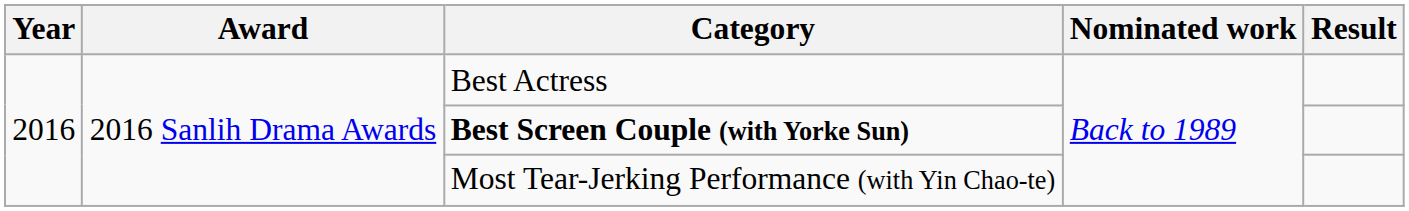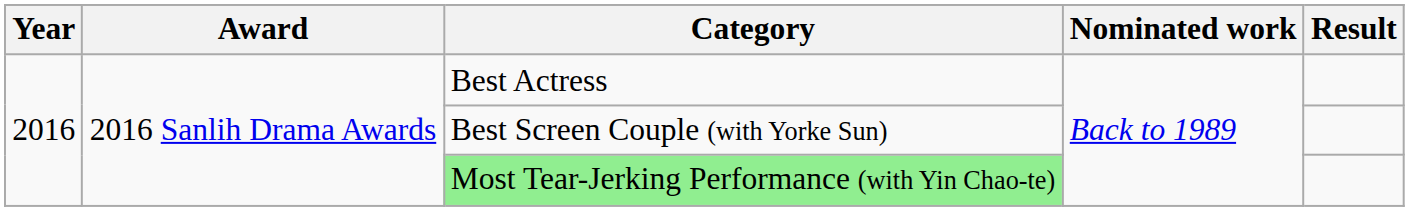 <table class="wikitable sortable">
 <tr>
 <th>Year</th>
 <th>Award</th>
 <th>Category</th>
 <th>Nominated work</th>
 <th>Result</th>
 </tr>
 <tr>
 <td rowspan=3>2016</td>
 <td rowspan=3>2016 <a href='#'>Sanlih Drama Awards</a></td>
 <td>Best Actress</td>
 <td rowspan=3><em><a href='#'>Back to 1989</a></em></td>
 <td></td>
 </tr>
 <tr>
-<td><strong>Best Screen Couple <small>(with Yorke Sun)</small></strong></td>
+<td>Best Screen Couple <small>(with Yorke Sun)</small></td>
 <td></td>
 </tr>
 <tr>
-<td>Most Tear-Jerking Performance <small>(with Yin Chao-te)</small></td>
+<td style="background: lightgreen;">Most Tear-Jerking Performance <small>(with Yin Chao-te)</small></td>
 <td></td>
 </tr>
 </table>
